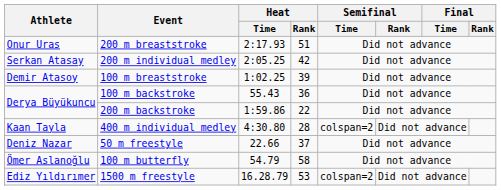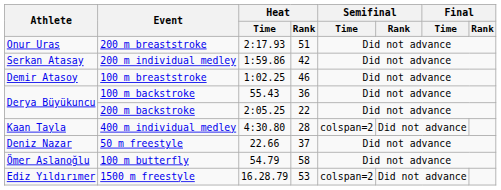 <table class=wikitable style="font-size:90%">
 <tr>
 <th rowspan="2">Athlete</th>
 <th rowspan="2">Event</th>
 <th colspan="2">Heat</th>
 <th colspan="2">Semifinal</th>
 <th colspan="2">Final</th>
 </tr>
 <tr style="font-size:95%">
 <th>Time</th>
 <th>Rank</th>
 <th>Time</th>
 <th>Rank</th>
 <th>Time</th>
 <th>Rank</th>
 </tr>
 <tr align=center>
 <td align="left"><a href='#'>Onur Uras</a></td>
 <td align="left"><a href='#'>200 m breaststroke</a></td>
 <td>2:17.93</td>
 <td>51</td>
 <td colspan=4>Did not advance</td>
 </tr>
 <tr align=center>
 <td align="left"><a href='#'>Serkan Atasay</a></td>
 <td align="left"><a href='#'>200 m individual medley</a></td>
-<td>2:05.25</td>
+<td>1:59.86</td>
 <td>42</td>
 <td colspan=4>Did not advance</td>
 </tr>
 <tr align=center>
 <td align="left"><a href='#'>Demir Atasoy</a></td>
 <td align="left"><a href='#'>100 m breaststroke</a></td>
 <td>1:02.25</td>
-<td>39</td>
+<td>46</td>
 <td colspan=4>Did not advance</td>
 </tr>
 <tr align=center>
 <td rowspan="2" align="left"><a href='#'>Derya Büyükuncu</a></td>
 <td align="left"><a href='#'>100 m backstroke</a></td>
 <td>55.43</td>
 <td>36</td>
 <td colspan=4>Did not advance</td>
 </tr>
 <tr align=center>
 <td align="left"><a href='#'>200 m backstroke</a></td>
-<td>1:59.86</td>
+<td>2:05.25</td>
 <td>22</td>
 <td colspan=4>Did not advance</td>
 </tr>
 <tr align=center>
 <td align="left"><a href='#'>Kaan Tayla</a></td>
 <td align="left"><a href='#'>400 m individual medley</a></td>
 <td>4:30.80</td>
 <td>28</td>
 <td>colspan=2 </td>
 <td colspan=2>Did not advance</td>
 </tr>
 <tr align=center>
 <td align="left"><a href='#'>Deniz Nazar</a></td>
 <td align="left"><a href='#'>50 m freestyle</a></td>
 <td>22.66</td>
 <td>37</td>
 <td colspan=4>Did not advance</td>
 </tr>
 <tr align=center>
 <td align="left"><a href='#'>Ömer Aslanoğlu</a></td>
 <td align="left"><a href='#'>100 m butterfly</a></td>
 <td>54.79</td>
 <td>58</td>
 <td colspan=4>Did not advance</td>
 </tr>
 <tr align=center>
 <td align="left"><a href='#'>Ediz Yıldırımer</a></td>
 <td align="left"><a href='#'>1500 m freestyle</a></td>
 <td>16.28.79</td>
 <td>53</td>
 <td>colspan=2 </td>
 <td colspan=2>Did not advance</td>
 </tr>
 </table>
